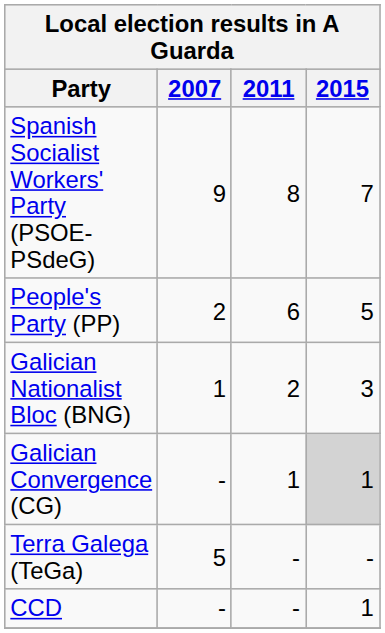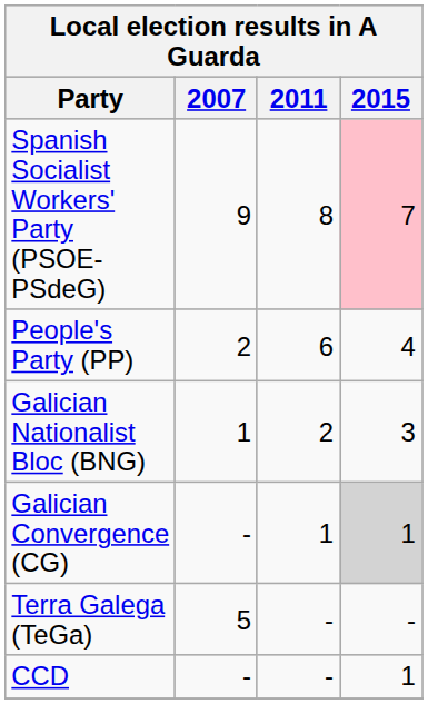 <table class="wikitable" style="font-size: 95%;">
 <tr>
 <th colspan="17">Local election results in A Guarda</th>
 </tr>
 <tr>
 <th style="width: 80px">Party</th>
 <th style="width: 40px"><a href='#'>2007</a></th>
 <th style="width: 40px"><a href='#'>2011</a></th>
 <th style="width: 40px"><a href='#'>2015</a></th>
 </tr>
 <tr>
 <td><a href='#'>Spanish Socialist Workers' Party</a> (PSOE-PSdeG)</td>
 <td align="right">9</td>
 <td align="right">8</td>
-<td align="right">7</td>
+<td align="right" style="background: pink;">7</td>
 </tr>
 <tr>
 <td><a href='#'>People's Party</a> (PP)</td>
 <td align="right">2</td>
 <td align="right">6</td>
-<td align="right">5</td>
+<td align="right">4</td>
 </tr>
 <tr>
 <td><a href='#'>Galician Nationalist Bloc</a> (BNG)</td>
 <td align="right">1</td>
 <td align="right">2</td>
 <td align="right">3</td>
 </tr>
 <tr>
 <td><a href='#'>Galician Convergence</a> (CG)</td>
 <td align="right">-</td>
 <td align="right">1</td>
 <td align="right" style="background: lightgrey;">1</td>
 </tr>
 <tr>
 <td><a href='#'>Terra Galega</a> (TeGa)</td>
 <td align="right">5</td>
 <td align="right">-</td>
 <td align="right">-</td>
 </tr>
 <tr>
 <td><a href='#'>CCD</a></td>
 <td align="right">-</td>
 <td align="right">-</td>
 <td align="right">1</td>
 </tr>
 <tr>
 </tr>
 <tr style="background-color:#E9E9E9">
 </tr>
 <tr>
 </tr>
 </table>
